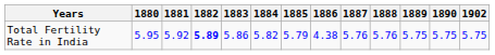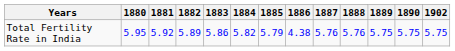 <table class="wikitable sortable" style="text-align:right">
 <tr>
 <th>Years</th>
 <th>1880</th>
 <th>1881</th>
 <th>1882</th>
 <th>1883</th>
 <th>1884</th>
 <th>1885</th>
 <th>1886</th>
 <th>1887</th>
 <th>1888</th>
 <th>1889</th>
 <th>1890</th>
 <th>1902</th>
 </tr>
 <tr>
 <td align="left">Total Fertility Rate in India</td>
 <td style="text-align:right; color:blue;">5.95</td>
 <td style="text-align:right; color:blue;">5.92</td>
-<td style="text-align:right; color:blue;"><strong>5.89</strong></td>
+<td style="text-align:right; color:blue;">5.89</td>
 <td style="text-align:right; color:blue;">5.86</td>
 <td style="text-align:right; color:blue;">5.82</td>
 <td style="text-align:right; color:blue;">5.79</td>
 <td style="text-align:right; color:blue;">4.38</td>
 <td style="text-align:right; color:blue;">5.76</td>
 <td style="text-align:right; color:blue;">5.76</td>
 <td style="text-align:right; color:blue;">5.75</td>
 <td style="text-align:right; color:blue;">5.75</td>
 <td style="text-align:right; color:blue;">5.75</td>
 </tr>
 </table>
